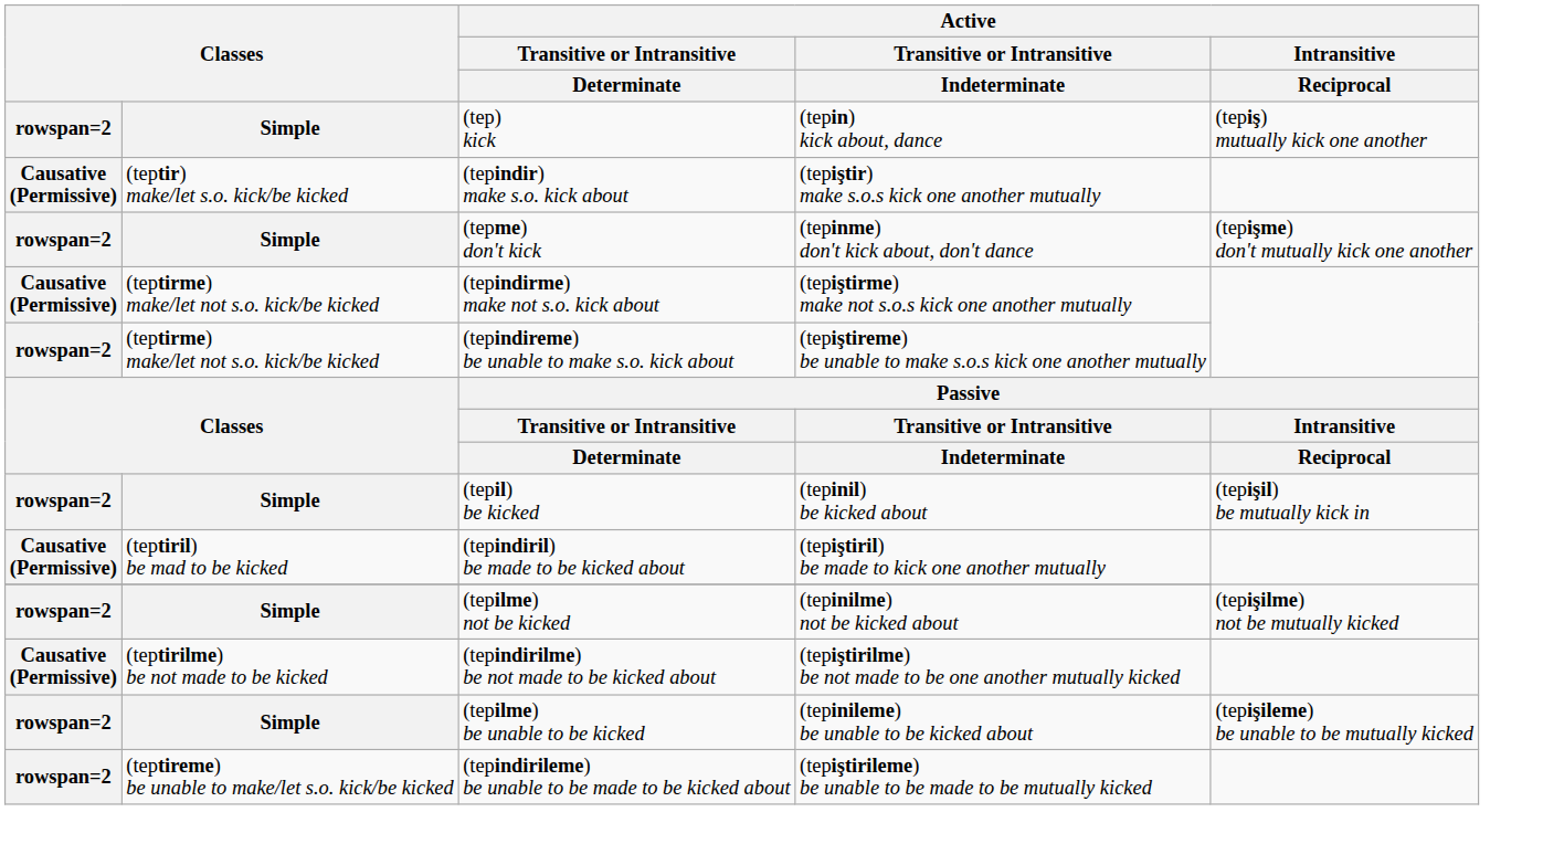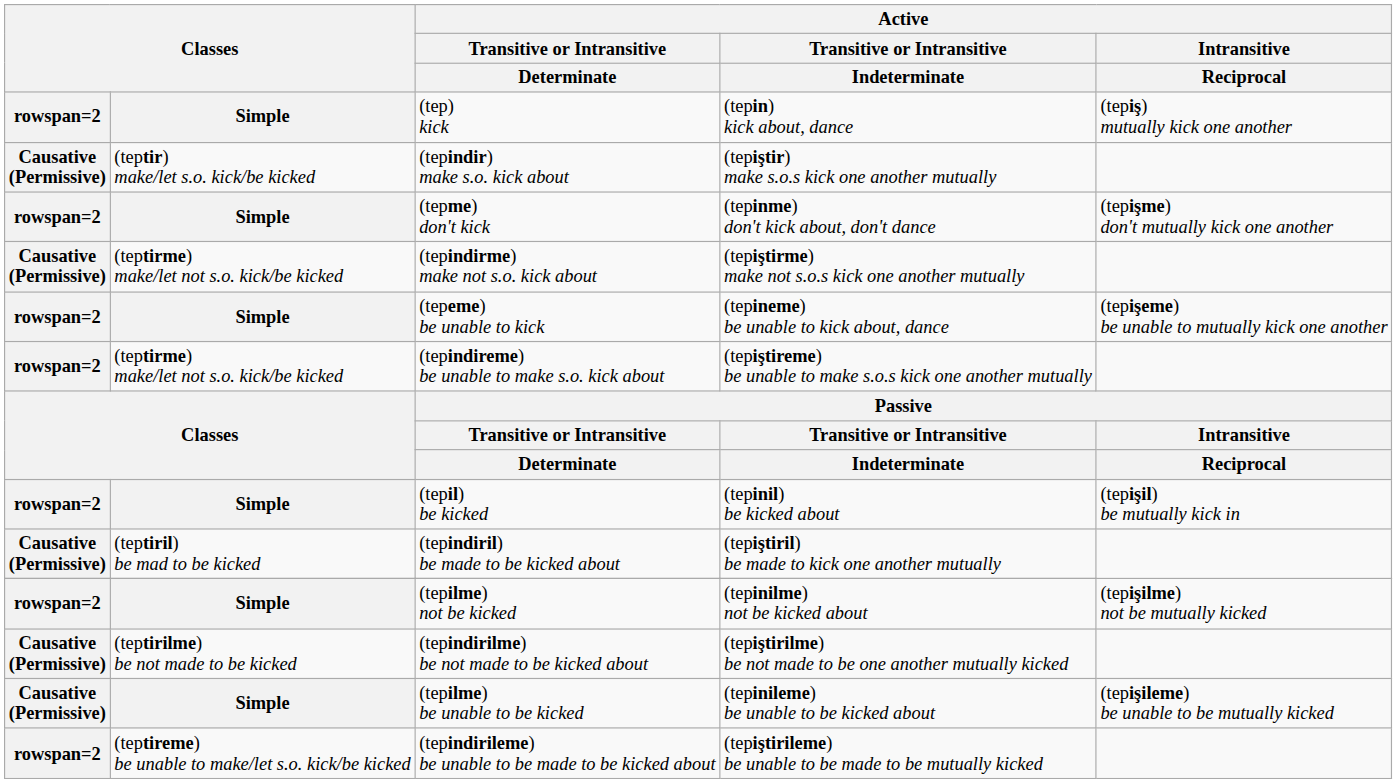 <table class=wikitable textalign=center>
 <tr>
 <th colspan=2 rowspan=3>Classes</th>
 <th colspan=3>Active</th>
 </tr>
 <tr>
 <th>Transitive or Intransitive</th>
 <th>Transitive or Intransitive</th>
 <th>Intransitive</th>
 </tr>
 <tr>
 <th>Determinate</th>
 <th>Indeterminate</th>
 <th>Reciprocal</th>
 </tr>
 <tr>
 <th>rowspan=2 </th>
 <th>Simple</th>
 <td> (tep)<br><em>kick</em></td>
 <td> (tep<strong>in</strong>)<br><em>kick about, dance</em></td>
 <td> (tep<strong>iş</strong>)<br><em>mutually kick one another</em></td>
 </tr>
 <tr>
 <th>Causative<br>(Permissive)</th>
 <td> (tep<strong>tir</strong>)<br><em>make/let s.o. kick/be kicked</em></td>
 <td> (tep<strong>indir</strong>)<br><em>make s.o. kick about</em></td>
 <td> (tep<strong>iştir</strong>)<br><em>make s.o.s kick one another mutually</em></td>
 </tr>
 <tr>
 <th>rowspan=2 </th>
 <th>Simple</th>
 <td> (tep<strong>me</strong>)<br><em>don't kick</em></td>
 <td> (tep<strong>inme</strong>)<br><em>don't kick about, don't dance</em></td>
 <td> (tep<strong>işme</strong>)<br><em>don't mutually kick one another</em></td>
 </tr>
 <tr>
 <th>Causative<br>(Permissive)</th>
 <td> (tep<strong>tirme</strong>)<br><em>make/let not s.o. kick/be kicked</em></td>
 <td> (tep<strong>indirme</strong>)<br><em>make not s.o. kick about</em></td>
 <td> (tep<strong>iştirme</strong>)<br><em>make not s.o.s kick one another mutually</em></td>
+</tr>
+<tr>
+<th>rowspan=2 </th>
+<th>Simple</th>
+<td> (tep<strong>eme</strong>)<br><em>be unable to kick</em></td>
+<td> (tep<strong>ineme</strong>)<br><em>be unable to kick about, dance</em></td>
+<td> (tep<strong>işeme</strong>)<br><em>be unable to mutually kick one another</em></td>
 </tr>
 <tr>
 <th>rowspan=2 </th>
 <td> (tep<strong>tirme</strong>)<br><em>make/let not s.o. kick/be kicked</em></td>
 <td> (tep<strong>indireme</strong>)<br><em>be unable to make s.o. kick about</em></td>
 <td> (tep<strong>iştireme</strong>)<br><em>be unable to make s.o.s kick one another mutually</em></td>
 </tr>
 <tr>
 <th colspan=2 rowspan=3>Classes</th>
 <th colspan=3>Passive</th>
 </tr>
 <tr>
 <th>Transitive or Intransitive</th>
 <th>Transitive or Intransitive</th>
 <th>Intransitive</th>
 </tr>
 <tr>
 <th>Determinate</th>
 <th>Indeterminate</th>
 <th>Reciprocal</th>
 </tr>
 <tr>
 <th>rowspan=2 </th>
 <th>Simple</th>
 <td> (tep<strong>il</strong>)<br><em>be kicked</em></td>
 <td> (tep<strong>inil</strong>)<br><em>be kicked about</em></td>
 <td> (tep<strong>işil</strong>)<br><em>be mutually kick in</em></td>
 </tr>
 <tr>
 <th>Causative<br>(Permissive)</th>
 <td> (tep<strong>tiril</strong>)<br><em>be mad to be kicked</em></td>
 <td> (tep<strong>indiril</strong>)<br><em>be made to be kicked about</em></td>
 <td> (tep<strong>iştiril</strong>)<br><em>be made to kick one another mutually</em></td>
 </tr>
 <tr>
 </tr>
 <tr>
 <th>rowspan=2 </th>
 <th>Simple</th>
 <td> (tep<strong>ilme</strong>)<br><em>not be kicked</em></td>
 <td> (tep<strong>inilme</strong>)<br><em>not be kicked about</em></td>
 <td> (tep<strong>işilme</strong>)<br><em>not be mutually kicked</em></td>
 </tr>
 <tr>
 <th>Causative<br>(Permissive)</th>
 <td> (tep<strong>tirilme</strong>)<br><em>be not made to be kicked</em></td>
 <td> (tep<strong>indirilme</strong>)<br><em>be not made to be kicked about</em></td>
 <td> (tep<strong>iştirilme</strong>)<br><em>be not made to be one another mutually kicked</em></td>
 </tr>
 <tr>
-<th>rowspan=2 </th>
+<th>Causative<br>(Permissive)</th>
 <th>Simple</th>
 <td> (tep<strong>ilme</strong>)<br><em>be unable to be kicked</em></td>
 <td> (tep<strong>inileme</strong>)<br><em>be unable to be kicked about</em></td>
 <td> (tep<strong>işileme</strong>)<br><em>be unable to be mutually kicked</em></td>
 </tr>
 <tr>
 <th>rowspan=2 </th>
 <td> (tep<strong>tireme</strong>)<br><em>be unable to make/let s.o. kick/be kicked</em></td>
 <td> (tep<strong>indirileme</strong>)<br><em>be unable to be made to be kicked about</em></td>
 <td> (tep<strong>iştirileme</strong>)<br><em>be unable to be made to be mutually kicked</em></td>
 </tr>
 </table>
